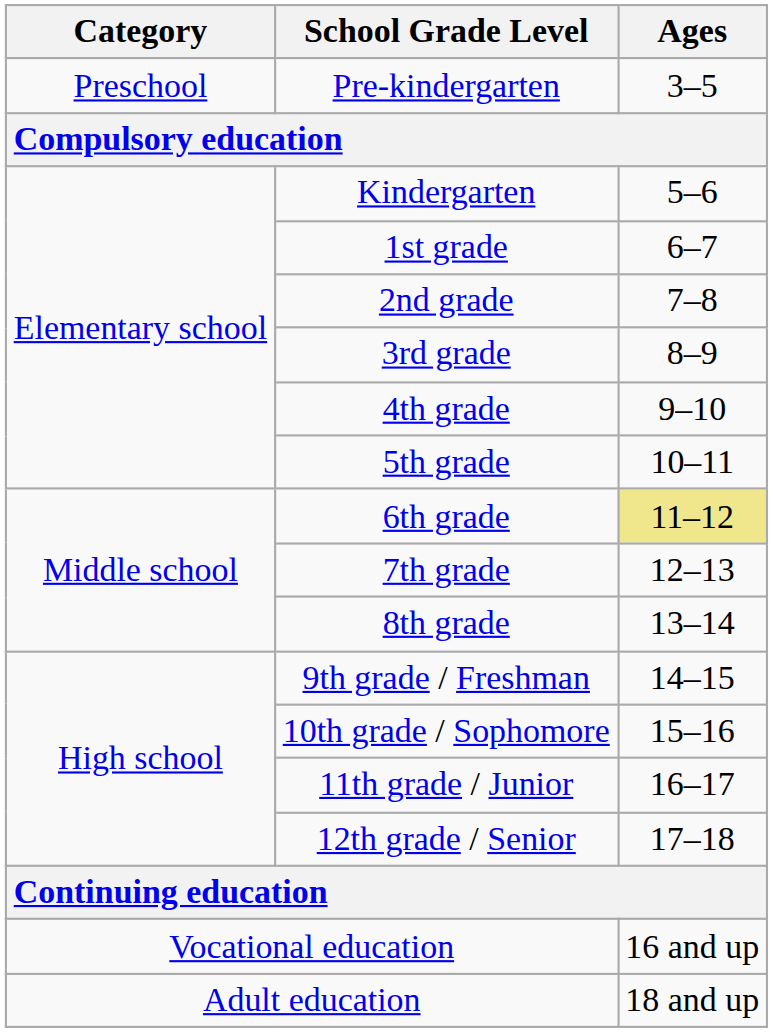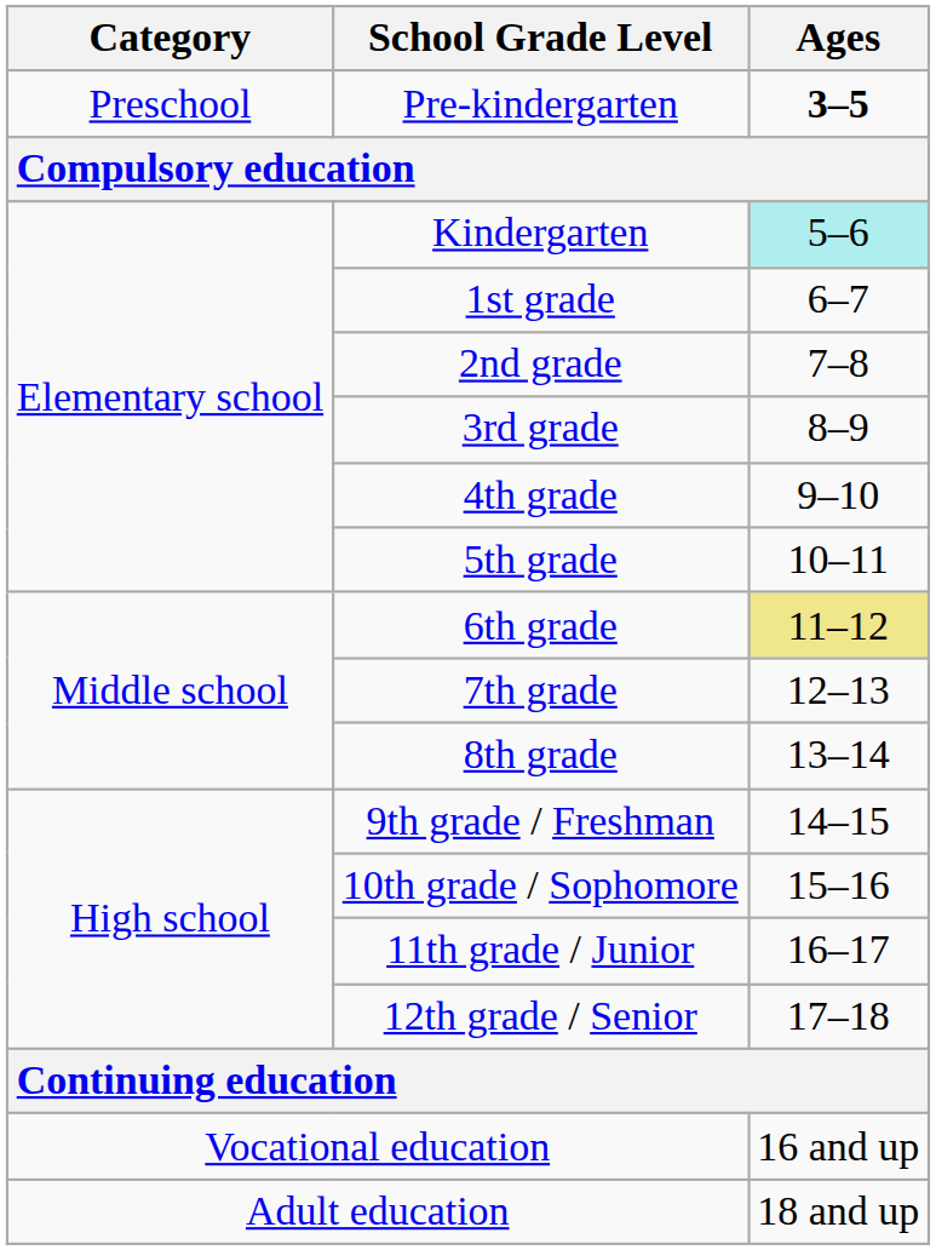 <table class="wikitable sortable mw-collapsible mw-collapsed" style="margin:auto;text-align:center;">
 <tr>
 <th>Category</th>
 <th>School Grade Level</th>
 <th>Ages</th>
 </tr>
 <tr>
 <td><a href='#'>Preschool</a></td>
 <td><a href='#'>Pre-kindergarten</a></td>
-<td>3–5</td>
+<td><strong>3–5</strong></td>
 </tr>
 <tr>
 <th colspan="3" style="text-align:left;"><a href='#'>Compulsory education</a></th>
 </tr>
 <tr>
 <td rowspan="6" style="border-bottom:1px dashed #bfbfbf;"><a href='#'>Elementary school</a></td>
 <td><a href='#'>Kindergarten</a></td>
-<td>5–6</td>
+<td style="background: paleturquoise;">5–6</td>
 </tr>
 <tr>
 <td><a href='#'>1st grade</a></td>
 <td>6–7</td>
 </tr>
 <tr>
 <td><a href='#'>2nd grade</a></td>
 <td>7–8</td>
 </tr>
 <tr>
 <td><a href='#'>3rd grade</a></td>
 <td>8–9</td>
 </tr>
 <tr>
 <td><a href='#'>4th grade</a></td>
 <td>9–10</td>
 </tr>
 <tr>
 <td><a href='#'>5th grade</a></td>
 <td>10–11</td>
 </tr>
 <tr>
 <td rowspan="3"><a href='#'>Middle school</a></td>
 <td><a href='#'>6th grade</a></td>
 <td style="background: khaki;">11–12</td>
 </tr>
 <tr>
 <td><a href='#'>7th grade</a></td>
 <td>12–13</td>
 </tr>
 <tr>
 <td><a href='#'>8th grade</a></td>
 <td>13–14</td>
 </tr>
 <tr>
 <td rowspan="4"><a href='#'>High school</a></td>
 <td><a href='#'>9th grade</a> / <a href='#'>Freshman</a></td>
 <td>14–15</td>
 </tr>
 <tr>
 <td><a href='#'>10th grade</a> / <a href='#'>Sophomore</a></td>
 <td>15–16</td>
 </tr>
 <tr>
 <td><a href='#'>11th grade</a> / <a href='#'>Junior</a></td>
 <td>16–17</td>
 </tr>
 <tr>
 <td><a href='#'>12th grade</a> / <a href='#'>Senior</a></td>
 <td>17–18</td>
 </tr>
 <tr>
 <th colspan="3" style="text-align:left;"><a href='#'>Continuing education</a></th>
 </tr>
 <tr>
 <td colspan="2"><a href='#'>Vocational education</a></td>
 <td>16 and up</td>
 </tr>
 <tr>
 <td colspan="2"><a href='#'>Adult education</a></td>
 <td>18 and up</td>
 </tr>
 </table>
